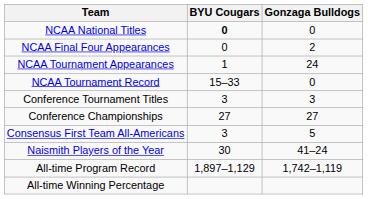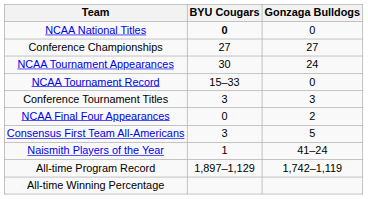 <table class="wikitable" style="text-align:center;">
 <tr>
 <th>Team</th>
 <th>BYU Cougars</th>
 <th>Gonzaga Bulldogs</th>
 </tr>
 <tr>
 <td><a href='#'>NCAA National Titles</a></td>
 <td><strong>0</strong></td>
 <td>0</td>
 </tr>
 <tr>
-<td><a href='#'>NCAA Final Four Appearances</a></td>
-<td>0</td>
-<td>2</td>
+<td>Conference Championships</td>
+<td>27</td>
+<td>27</td>
 </tr>
 <tr>
 <td><a href='#'>NCAA Tournament Appearances</a></td>
-<td>1</td>
+<td>30</td>
 <td>24</td>
 </tr>
 <tr>
 <td><a href='#'>NCAA Tournament Record</a></td>
 <td>15–33</td>
 <td>0</td>
 </tr>
 <tr>
 <td>Conference Tournament Titles</td>
 <td>3</td>
 <td>3</td>
 </tr>
 <tr>
-<td>Conference Championships</td>
-<td>27</td>
-<td>27</td>
+<td><a href='#'>NCAA Final Four Appearances</a></td>
+<td>0</td>
+<td>2</td>
 </tr>
 <tr>
 <td><a href='#'>Consensus First Team All-Americans</a></td>
 <td>3</td>
 <td>5</td>
 </tr>
 <tr>
 <td><a href='#'>Naismith Players of the Year</a></td>
-<td>30</td>
+<td>1</td>
 <td>41–24</td>
 </tr>
 <tr>
 <td>All-time Program Record</td>
 <td>1,897–1,129</td>
 <td>1,742–1,119</td>
 </tr>
 <tr>
 <td>All-time Winning Percentage</td>
 <td></td>
 <td></td>
 </tr>
 </table>
